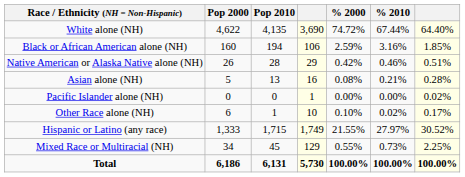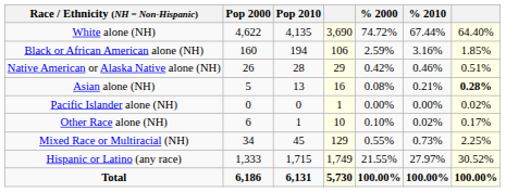 <table class="wikitable" style="text-align:center;">
 <tr>
 <th>Race / Ethnicity <small>(<em>NH = Non-Hispanic</em>)</small></th>
 <th>Pop 2000</th>
 <th>Pop 2010</th>
 <th></th>
 <th>% 2000</th>
 <th>% 2010</th>
 <th></th>
 </tr>
 <tr>
 <td><a href='#'>White</a> alone (NH)</td>
 <td>4,622</td>
 <td>4,135</td>
 <td style='background: #ffffe6;'>3,690</td>
 <td>74.72%</td>
 <td>67.44%</td>
 <td style='background: #ffffe6;'>64.40%</td>
 </tr>
 <tr>
 <td><a href='#'>Black or African American</a> alone (NH)</td>
 <td>160</td>
 <td>194</td>
 <td style='background: #ffffe6;'>106</td>
 <td>2.59%</td>
 <td>3.16%</td>
 <td style='background: #ffffe6;'>1.85%</td>
 </tr>
 <tr>
 <td><a href='#'>Native American</a> or <a href='#'>Alaska Native</a> alone (NH)</td>
 <td>26</td>
 <td>28</td>
 <td style='background: #ffffe6;'>29</td>
 <td>0.42%</td>
 <td>0.46%</td>
 <td style='background: #ffffe6;'>0.51%</td>
 </tr>
 <tr>
 <td><a href='#'>Asian</a> alone (NH)</td>
 <td>5</td>
 <td>13</td>
 <td style='background: #ffffe6;'>16</td>
 <td>0.08%</td>
 <td>0.21%</td>
-<td style='background: #ffffe6;'>0.28%</td>
+<td style='background: #ffffe6;'><strong>0.28%</strong></td>
 </tr>
 <tr>
 <td><a href='#'>Pacific Islander</a> alone (NH)</td>
 <td>0</td>
 <td>0</td>
 <td style='background: #ffffe6;'>1</td>
 <td>0.00%</td>
 <td>0.00%</td>
 <td style='background: #ffffe6;'>0.02%</td>
 </tr>
 <tr>
 <td><a href='#'>Other Race</a> alone (NH)</td>
 <td>6</td>
 <td>1</td>
 <td style='background: #ffffe6;'>10</td>
 <td>0.10%</td>
 <td>0.02%</td>
 <td style='background: #ffffe6;'>0.17%</td>
 </tr>
 <tr>
+<td><a href='#'>Mixed Race or Multiracial</a> (NH)</td>
+<td>34</td>
+<td>45</td>
+<td style='background: #ffffe6;'>129</td>
+<td>0.55%</td>
+<td>0.73%</td>
+<td style='background: #ffffe6;'>2.25%</td>
+</tr>
+<tr>
 <td><a href='#'>Hispanic or Latino</a> (any race)</td>
 <td>1,333</td>
 <td>1,715</td>
 <td style='background: #ffffe6;'>1,749</td>
 <td>21.55%</td>
 <td>27.97%</td>
 <td style='background: #ffffe6;'>30.52%</td>
-</tr>
-<tr>
-<td><a href='#'>Mixed Race or Multiracial</a> (NH)</td>
-<td>34</td>
-<td>45</td>
-<td style='background: #ffffe6;'>129</td>
-<td>0.55%</td>
-<td>0.73%</td>
-<td style='background: #ffffe6;'>2.25%</td>
 </tr>
 <tr>
 <td><strong>Total</strong></td>
 <td><strong>6,186</strong></td>
 <td><strong>6,131</strong></td>
 <td style='background: #ffffe6;'><strong>5,730</strong></td>
 <td><strong>100.00%</strong></td>
 <td><strong>100.00%</strong></td>
 <td style='background: #ffffe6;'><strong>100.00%</strong></td>
 </tr>
 </table>
